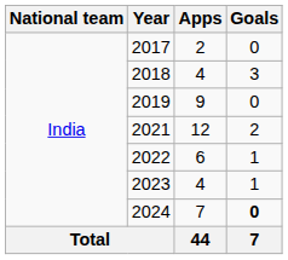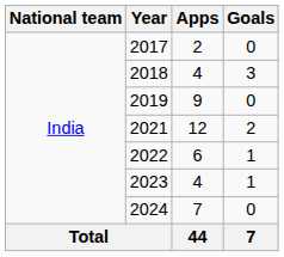 <table class="wikitable" style="text-align: center;">
 <tr>
 <th>National team</th>
 <th>Year</th>
 <th>Apps</th>
 <th>Goals</th>
 </tr>
 <tr>
 <td rowspan="7"><a href='#'>India</a></td>
 <td>2017</td>
 <td>2</td>
 <td>0</td>
 </tr>
 <tr>
 <td>2018</td>
 <td>4</td>
 <td>3</td>
 </tr>
 <tr>
 <td>2019</td>
 <td>9</td>
 <td>0</td>
 </tr>
 <tr>
 <td>2021</td>
 <td>12</td>
 <td>2</td>
 </tr>
 <tr>
 <td>2022</td>
 <td>6</td>
 <td>1</td>
 </tr>
 <tr>
 <td>2023</td>
 <td>4</td>
 <td>1</td>
 </tr>
 <tr>
 <td>2024</td>
 <td>7</td>
-<td><strong>0</strong></td>
+<td>0</td>
 </tr>
 <tr>
 <th colspan="2">Total</th>
 <th>44</th>
 <th>7</th>
 </tr>
 </table>
